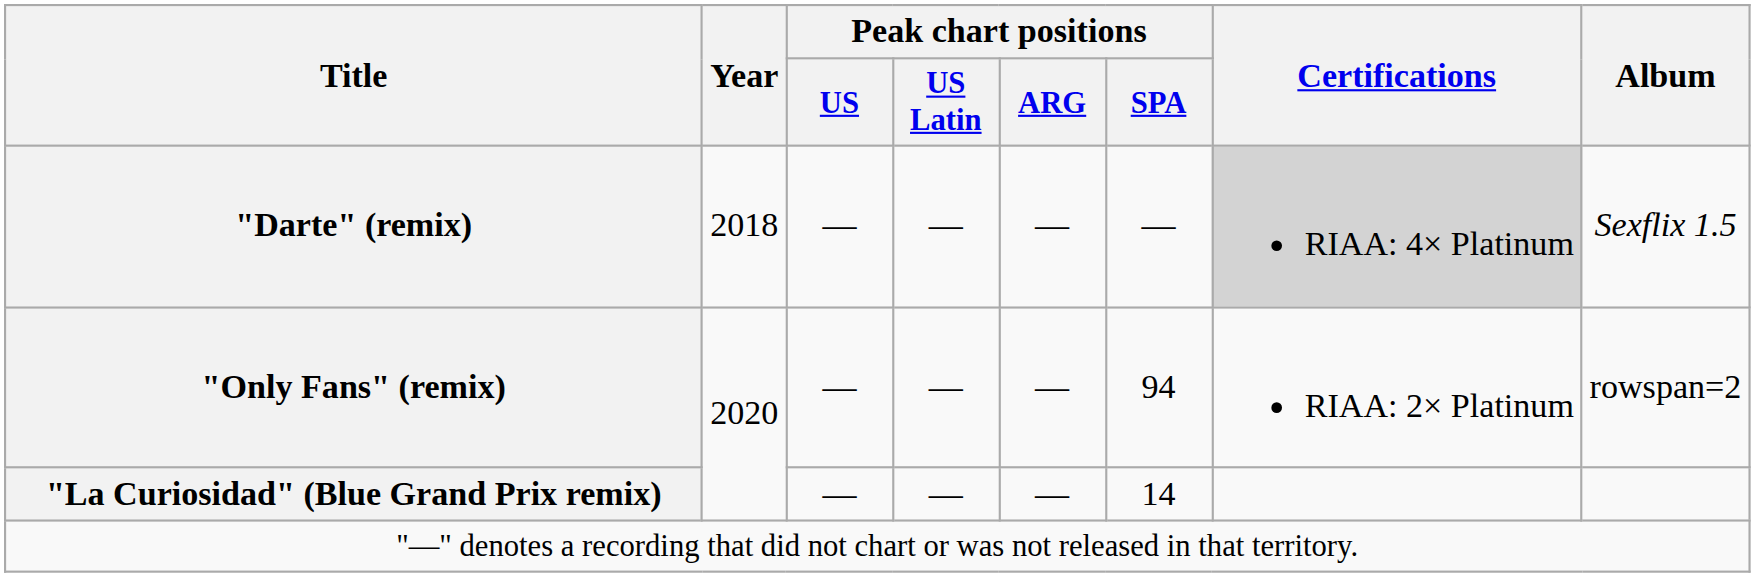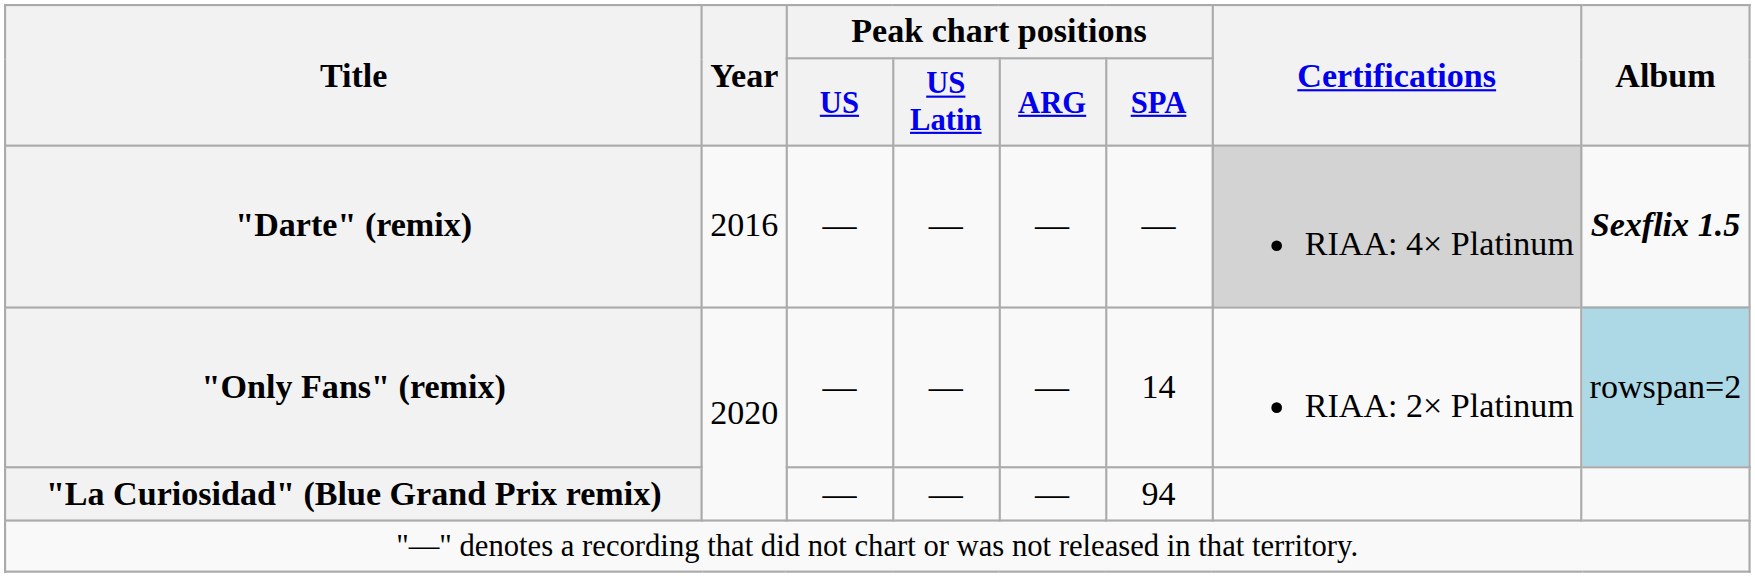 <table class="wikitable plainrowheaders" style="text-align:center;">
 <tr>
 <th scope="col" rowspan="2" style="width:20em;">Title</th>
 <th scope="col" rowspan="2">Year</th>
 <th scope="col" colspan="4">Peak chart positions</th>
 <th scope="col" rowspan="2"><a href='#'>Certifications</a></th>
 <th scope="col" rowspan="2">Album</th>
 </tr>
 <tr>
 <th scope="col" style="width:3em;font-size:90%;"><a href='#'>US</a><br></th>
 <th scope="col" style="width:3em;font-size:90%;"><a href='#'>US<br>Latin</a><br></th>
 <th scope="col" style="width:3em;font-size:90%;"><a href='#'>ARG</a><br></th>
 <th scope="col" style="width:3em;font-size:90%;"><a href='#'>SPA</a><br></th>
 </tr>
 <tr>
 <th scope="row">"Darte" (remix)<br></th>
-<td>2018</td>
+<td>2016</td>
 <td>—</td>
 <td>—</td>
 <td>—</td>
 <td>—</td>
 <td style="background: lightgrey;"><br><ul><li>RIAA: 4× Platinum </li></ul></td>
-<td><em>Sexflix 1.5</em></td>
+<td><strong><em>Sexflix 1.5</em></strong></td>
 </tr>
 <tr>
 <th scope="row">"Only Fans" (remix)<br></th>
 <td rowspan=2>2020</td>
 <td>—</td>
 <td>—</td>
 <td>—</td>
-<td>94</td>
+<td>14</td>
 <td><br><ul><li>RIAA: 2× Platinum </li></ul></td>
-<td>rowspan=2 </td>
+<td style="background: lightblue;">rowspan=2 </td>
 </tr>
 <tr>
 <th scope="row">"La Curiosidad" (Blue Grand Prix remix)<br></th>
 <td>—</td>
 <td>—</td>
 <td>—</td>
-<td>14</td>
+<td>94</td>
 <td></td>
 </tr>
 <tr>
 <td colspan="15" style="font-size:90%">"—" denotes a recording that did not chart or was not released in that territory.</td>
 </tr>
 </table>
